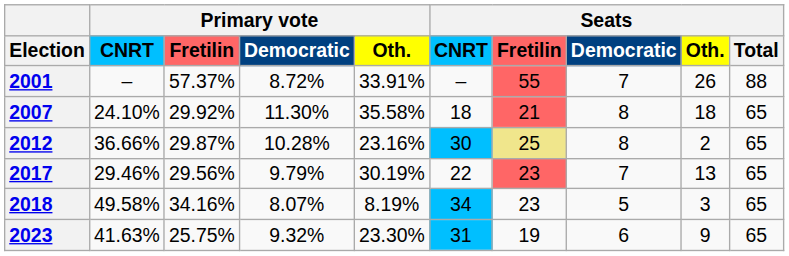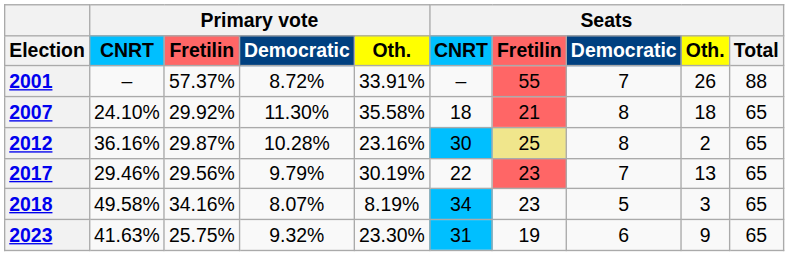 <table class="wikitable sortable mw-collapsible toccolours" align="left" cellpadding="4" cellspacing="0" style="margin-right: .5em; margin-top: .4em;font-size: 90%;">
 <tr>
 <th style="background:#; text-align:center;"></th>
 <th colspan="4">Primary vote</th>
 <th colspan="5">Seats</th>
 </tr>
 <tr>
 <th style="background:#; text-align:center;">Election</th>
 <th style="background:#00bfff; text-align:center;">CNRT</th>
 <th style="background:#f66; text-align:center;">Fretilin</th>
 <th style="background:#004080; color:#fff; text-align:center;">Democratic</th>
 <th style="background:#ff0; text-align:center;">Oth.</th>
 <th style="background:#00bfff; text-align:center;">CNRT</th>
 <th style="background:#f66; text-align:center;">Fretilin</th>
 <th style="background:#004080; color:#fff; text-align:center;">Democratic</th>
 <th style="background:#ff0; text-align:center;">Oth.</th>
 <th style="background:#; text-align:center;">Total</th>
 </tr>
 <tr>
 <th style="text-align:left;" bgcolor=""><a href='#'>2001</a></th>
 <td style="text-align:center;" bgcolor="">–</td>
 <td style="text-align:center;" bgcolor="">57.37%</td>
 <td style="text-align:center;" bgcolor="">8.72%</td>
 <td style="text-align:center;" bgcolor="">33.91%</td>
 <td bgcolor="" align="center">–</td>
 <td style="text-align:center; background:#f66;">55</td>
 <td style="text-align:center;" bgcolor="">7</td>
 <td style="text-align:center;" bgcolor="">26</td>
 <td style="text-align:center;" bgcolor="">88</td>
 </tr>
 <tr>
 <th style="text-align:left;" bgcolor=""><a href='#'>2007</a></th>
 <td style="text-align:center;" bgcolor="">24.10%</td>
 <td style="text-align:center;" bgcolor="">29.92%</td>
 <td style="text-align:center;" bgcolor="">11.30%</td>
 <td style="text-align:center;" bgcolor="">35.58%</td>
 <td style="text-align:center;">18</td>
 <td style="text-align:center; background:#f66;" bgcolor="">21</td>
 <td style="text-align:center;" bgcolor="">8</td>
 <td style="text-align:center;" bgcolor="">18</td>
 <td style="text-align:center;" bgcolor="">65</td>
 </tr>
 <tr>
 <th style="text-align:left;" bgcolor=""><a href='#'>2012</a></th>
-<td style="text-align:center;" bgcolor="">36.66%</td>
+<td style="text-align:center;" bgcolor="">36.16%</td>
 <td style="text-align:center;" bgcolor="">29.87%</td>
 <td style="text-align:center;" bgcolor="">10.28%</td>
 <td style="text-align:center;" bgcolor="">23.16%</td>
 <td style="text-align:center; background:#00bfff;" bgcolor="">30</td>
 <td style="background: khaki; text-align:center;">25</td>
 <td style="text-align:center;" bgcolor="">8</td>
 <td style="text-align:center;" bgcolor="">2</td>
 <td style="text-align:center;" bgcolor="">65</td>
 </tr>
 <tr>
 <th style="text-align:left;" bgcolor=""><a href='#'>2017</a></th>
 <td style="text-align:center;" bgcolor="">29.46%</td>
 <td style="text-align:center;" bgcolor="">29.56%</td>
 <td style="text-align:center;" bgcolor="">9.79%</td>
 <td style="text-align:center;" bgcolor="">30.19%</td>
 <td style="text-align:center;" bgcolor="">22</td>
 <td style="text-align:center; background:#f66;" bgcolor="">23</td>
 <td style="text-align:center;" bgcolor="">7</td>
 <td style="text-align:center;" bgcolor="">13</td>
 <td style="text-align:center;" bgcolor="">65</td>
 </tr>
 <tr>
 <th style="text-align:left;" bgcolor=""><a href='#'>2018</a></th>
 <td style="text-align:center;" bgcolor="">49.58%</td>
 <td style="text-align:center;" bgcolor="">34.16%</td>
 <td style="text-align:center;" bgcolor="">8.07%</td>
 <td style="text-align:center;" bgcolor="">8.19%</td>
 <td style="text-align:center; background:#00bfff;">34</td>
 <td style="text-align:center;" bgcolor="">23</td>
 <td style="text-align:center;" bgcolor="">5</td>
 <td style="text-align:center;" bgcolor="">3</td>
 <td style="text-align:center;" bgcolor="">65</td>
 </tr>
 <tr>
 <th style="text-align:left;" bgcolor=""><a href='#'>2023</a></th>
 <td style="text-align:center;" bgcolor="">41.63%</td>
 <td style="text-align:center;" bgcolor="">25.75%</td>
 <td style="text-align:center;" bgcolor="">9.32%</td>
 <td style="text-align:center;" bgcolor="">23.30%</td>
 <td style="text-align:center; background:#00bfff;">31</td>
 <td style="text-align:center;" bgcolor="">19</td>
 <td style="text-align:center;" bgcolor="">6</td>
 <td style="text-align:center;" bgcolor="">9</td>
 <td style="text-align:center;" bgcolor="">65</td>
 </tr>
 </table>
